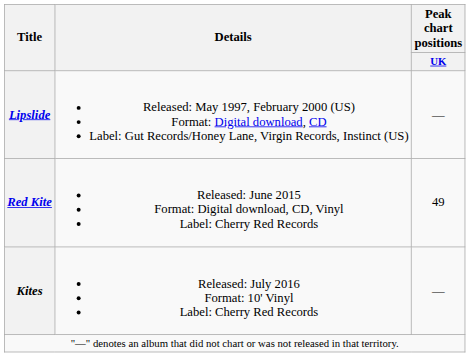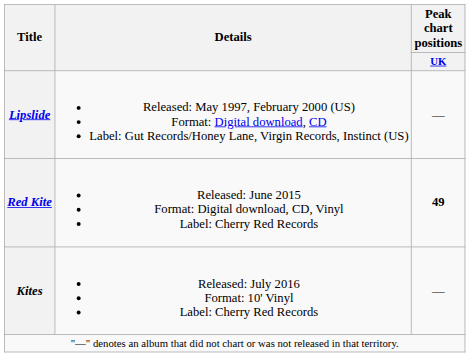 <table class="wikitable plainrowheaders" style="text-align:center;">
 <tr>
 <th scope="col" rowspan="2">Title</th>
 <th scope="col" rowspan="2">Details</th>
 <th scope="col">Peak chart positions</th>
 </tr>
 <tr>
 <th scope="col" style="width:3em;font-size:85%;"><a href='#'>UK</a><br></th>
 </tr>
 <tr>
 <th scope="row"><em><a href='#'>Lipslide</a></em></th>
 <td><br><ul><li>Released: May 1997, February 2000 (US)</li><li>Format: <a href='#'>Digital download</a>, <a href='#'>CD</a></li><li>Label: Gut Records/Honey Lane, Virgin Records, Instinct (US)</li></ul></td>
 <td>—</td>
 </tr>
 <tr>
 <th scope="row"><em><a href='#'>Red Kite</a></em></th>
 <td><br><ul><li>Released: June 2015</li><li>Format: Digital download, CD, Vinyl</li><li>Label: Cherry Red Records</li></ul></td>
-<td>49</td>
+<td><strong>49</strong></td>
 </tr>
 <tr>
 <th><em>Kites</em></th>
 <td><br><ul><li>Released: July 2016</li><li>Format: 10' Vinyl</li><li>Label: Cherry Red Records</li></ul></td>
 <td>—</td>
 </tr>
 <tr>
 <td colspan="13" style="font-size:85%">"—" denotes an album that did not chart or was not released in that territory.</td>
 </tr>
 </table>
